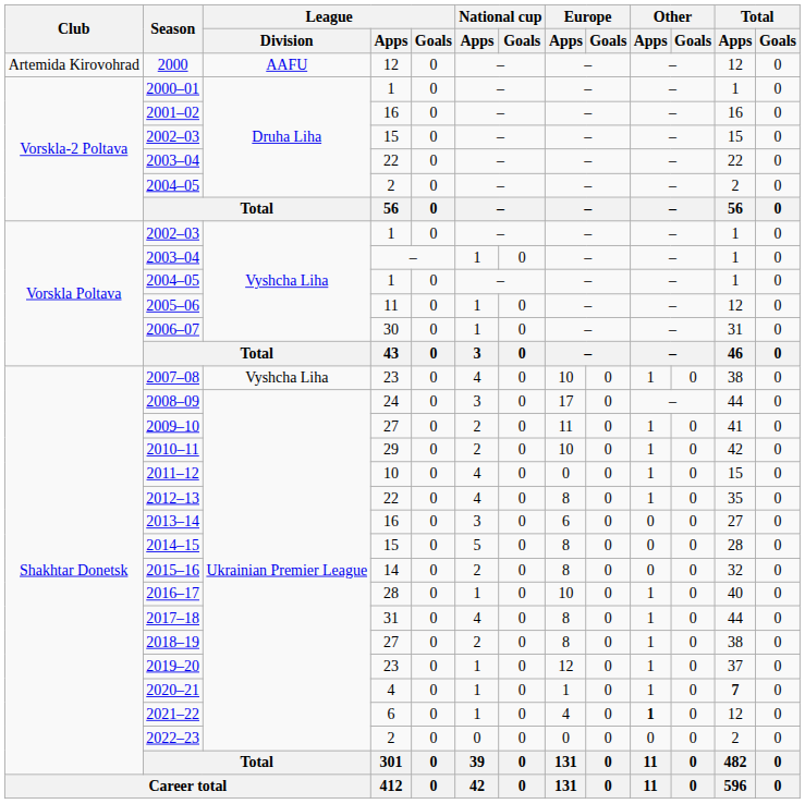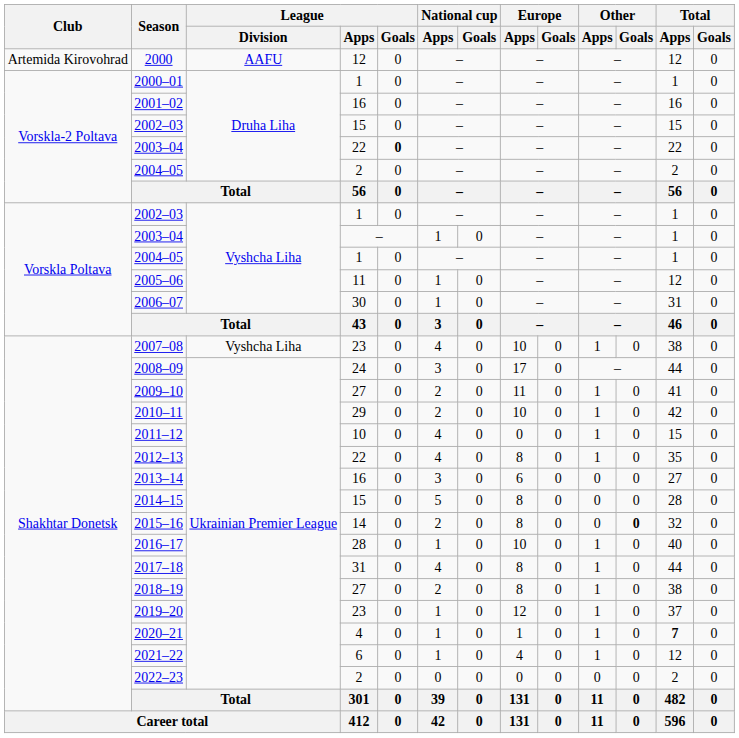 <table class=wikitable style=text-align:center>
 <tr>
 <th rowspan=2>Club</th>
 <th rowspan=2>Season</th>
 <th colspan=3>League</th>
 <th colspan=2>National cup</th>
 <th colspan=2>Europe</th>
 <th colspan=2>Other</th>
 <th colspan=2>Total</th>
 </tr>
 <tr>
 <th>Division</th>
 <th>Apps</th>
 <th>Goals</th>
 <th>Apps</th>
 <th>Goals</th>
 <th>Apps</th>
 <th>Goals</th>
 <th>Apps</th>
 <th>Goals</th>
 <th>Apps</th>
 <th>Goals</th>
 </tr>
 <tr>
 <td>Artemida Kirovohrad</td>
 <td><a href='#'>2000</a></td>
 <td><a href='#'>AAFU</a></td>
 <td>12</td>
 <td>0</td>
 <td colspan="2">–</td>
 <td colspan="2">–</td>
 <td colspan="2">–</td>
 <td>12</td>
 <td>0</td>
 </tr>
 <tr>
 <td rowspan="6"><a href='#'>Vorskla-2 Poltava</a></td>
 <td><a href='#'>2000–01</a></td>
 <td rowspan="5"><a href='#'>Druha Liha</a></td>
 <td>1</td>
 <td>0</td>
 <td colspan="2">–</td>
 <td colspan="2">–</td>
 <td colspan="2">–</td>
 <td>1</td>
 <td>0</td>
 </tr>
 <tr>
 <td><a href='#'>2001–02</a></td>
 <td>16</td>
 <td>0</td>
 <td colspan="2">–</td>
 <td colspan="2">–</td>
 <td colspan="2">–</td>
 <td>16</td>
 <td>0</td>
 </tr>
 <tr>
 <td><a href='#'>2002–03</a></td>
 <td>15</td>
 <td>0</td>
 <td colspan="2">–</td>
 <td colspan="2">–</td>
 <td colspan="2">–</td>
 <td>15</td>
 <td>0</td>
 </tr>
 <tr>
 <td><a href='#'>2003–04</a></td>
 <td>22</td>
-<td>0</td>
+<td><strong>0</strong></td>
 <td colspan="2">–</td>
 <td colspan="2">–</td>
 <td colspan="2">–</td>
 <td>22</td>
 <td>0</td>
 </tr>
 <tr>
 <td><a href='#'>2004–05</a></td>
 <td>2</td>
 <td>0</td>
 <td colspan="2">–</td>
 <td colspan="2">–</td>
 <td colspan="2">–</td>
 <td>2</td>
 <td>0</td>
 </tr>
 <tr>
 <th colspan="2">Total</th>
 <th>56</th>
 <th>0</th>
 <th colspan="2">–</th>
 <th colspan="2">–</th>
 <th colspan="2">–</th>
 <th>56</th>
 <th>0</th>
 </tr>
 <tr>
 <td rowspan="6"><a href='#'>Vorskla Poltava</a></td>
 <td><a href='#'>2002–03</a></td>
 <td rowspan="5"><a href='#'>Vyshcha Liha</a></td>
 <td>1</td>
 <td>0</td>
 <td colspan="2">–</td>
 <td colspan="2">–</td>
 <td colspan="2">–</td>
 <td>1</td>
 <td>0</td>
 </tr>
 <tr>
 <td><a href='#'>2003–04</a></td>
 <td colspan="2">–</td>
 <td>1</td>
 <td>0</td>
 <td colspan="2">–</td>
 <td colspan="2">–</td>
 <td>1</td>
 <td>0</td>
 </tr>
 <tr>
 <td><a href='#'>2004–05</a></td>
 <td>1</td>
 <td>0</td>
 <td colspan="2">–</td>
 <td colspan="2">–</td>
 <td colspan="2">–</td>
 <td>1</td>
 <td>0</td>
 </tr>
 <tr>
 <td><a href='#'>2005–06</a></td>
 <td>11</td>
 <td>0</td>
 <td>1</td>
 <td>0</td>
 <td colspan="2">–</td>
 <td colspan="2">–</td>
 <td>12</td>
 <td>0</td>
 </tr>
 <tr>
 <td><a href='#'>2006–07</a></td>
 <td>30</td>
 <td>0</td>
 <td>1</td>
 <td>0</td>
 <td colspan="2">–</td>
 <td colspan="2">–</td>
 <td>31</td>
 <td>0</td>
 </tr>
 <tr>
 <th colspan="2">Total</th>
 <th>43</th>
 <th>0</th>
 <th>3</th>
 <th>0</th>
 <th colspan="2">–</th>
 <th colspan="2">–</th>
 <th>46</th>
 <th>0</th>
 </tr>
 <tr>
 <td rowspan="17"><a href='#'>Shakhtar Donetsk</a></td>
 <td><a href='#'>2007–08</a></td>
 <td>Vyshcha Liha</td>
 <td>23</td>
 <td>0</td>
 <td>4</td>
 <td>0</td>
 <td>10</td>
 <td>0</td>
 <td>1</td>
 <td>0</td>
 <td>38</td>
 <td>0</td>
 </tr>
 <tr>
 <td><a href='#'>2008–09</a></td>
 <td rowspan="15"><a href='#'>Ukrainian Premier League</a></td>
 <td>24</td>
 <td>0</td>
 <td>3</td>
 <td>0</td>
 <td>17</td>
 <td>0</td>
 <td colspan="2">–</td>
 <td>44</td>
 <td>0</td>
 </tr>
 <tr>
 <td><a href='#'>2009–10</a></td>
 <td>27</td>
 <td>0</td>
 <td>2</td>
 <td>0</td>
 <td>11</td>
 <td>0</td>
 <td>1</td>
 <td>0</td>
 <td>41</td>
 <td>0</td>
 </tr>
 <tr>
 <td><a href='#'>2010–11</a></td>
 <td>29</td>
 <td>0</td>
 <td>2</td>
 <td>0</td>
 <td>10</td>
 <td>0</td>
 <td>1</td>
 <td>0</td>
 <td>42</td>
 <td>0</td>
 </tr>
 <tr>
 <td><a href='#'>2011–12</a></td>
 <td>10</td>
 <td>0</td>
 <td>4</td>
 <td>0</td>
 <td>0</td>
 <td>0</td>
 <td>1</td>
 <td>0</td>
 <td>15</td>
 <td>0</td>
 </tr>
 <tr>
 <td><a href='#'>2012–13</a></td>
 <td>22</td>
 <td>0</td>
 <td>4</td>
 <td>0</td>
 <td>8</td>
 <td>0</td>
 <td>1</td>
 <td>0</td>
 <td>35</td>
 <td>0</td>
 </tr>
 <tr>
 <td><a href='#'>2013–14</a></td>
 <td>16</td>
 <td>0</td>
 <td>3</td>
 <td>0</td>
 <td>6</td>
 <td>0</td>
 <td>0</td>
 <td>0</td>
 <td>27</td>
 <td>0</td>
 </tr>
 <tr>
 <td><a href='#'>2014–15</a></td>
 <td>15</td>
 <td>0</td>
 <td>5</td>
 <td>0</td>
 <td>8</td>
 <td>0</td>
 <td>0</td>
 <td>0</td>
 <td>28</td>
 <td>0</td>
 </tr>
 <tr>
 <td><a href='#'>2015–16</a></td>
 <td>14</td>
 <td>0</td>
 <td>2</td>
 <td>0</td>
 <td>8</td>
 <td>0</td>
 <td>0</td>
-<td>0</td>
+<td><strong>0</strong></td>
 <td>32</td>
 <td>0</td>
 </tr>
 <tr>
 <td><a href='#'>2016–17</a></td>
 <td>28</td>
 <td>0</td>
 <td>1</td>
 <td>0</td>
 <td>10</td>
 <td>0</td>
 <td>1</td>
 <td>0</td>
 <td>40</td>
 <td>0</td>
 </tr>
 <tr>
 <td><a href='#'>2017–18</a></td>
 <td>31</td>
 <td>0</td>
 <td>4</td>
 <td>0</td>
 <td>8</td>
 <td>0</td>
 <td>1</td>
 <td>0</td>
 <td>44</td>
 <td>0</td>
 </tr>
 <tr>
 <td><a href='#'>2018–19</a></td>
 <td>27</td>
 <td>0</td>
 <td>2</td>
 <td>0</td>
 <td>8</td>
 <td>0</td>
 <td>1</td>
 <td>0</td>
 <td>38</td>
 <td>0</td>
 </tr>
 <tr>
 <td><a href='#'>2019–20</a></td>
 <td>23</td>
 <td>0</td>
 <td>1</td>
 <td>0</td>
 <td>12</td>
 <td>0</td>
 <td>1</td>
 <td>0</td>
 <td>37</td>
 <td>0</td>
 </tr>
 <tr>
 <td><a href='#'>2020–21</a></td>
 <td>4</td>
 <td>0</td>
 <td>1</td>
 <td>0</td>
 <td>1</td>
 <td>0</td>
 <td>1</td>
 <td>0</td>
 <td><strong>7</strong></td>
 <td>0</td>
 </tr>
 <tr>
 <td><a href='#'>2021–22</a></td>
 <td>6</td>
 <td>0</td>
 <td>1</td>
 <td>0</td>
 <td>4</td>
 <td>0</td>
-<td><strong>1</strong></td>
+<td>1</td>
 <td>0</td>
 <td>12</td>
 <td>0</td>
 </tr>
 <tr>
 <td><a href='#'>2022–23</a></td>
 <td>2</td>
 <td>0</td>
 <td>0</td>
 <td>0</td>
 <td>0</td>
 <td>0</td>
 <td>0</td>
 <td>0</td>
 <td>2</td>
 <td>0</td>
 </tr>
 <tr>
 <th colspan="2">Total</th>
 <th>301</th>
 <th>0</th>
 <th>39</th>
 <th>0</th>
 <th>131</th>
 <th>0</th>
 <th>11</th>
 <th>0</th>
 <th>482</th>
 <th>0</th>
 </tr>
 <tr>
 <th colspan="3">Career total</th>
 <th>412</th>
 <th>0</th>
 <th>42</th>
 <th>0</th>
 <th>131</th>
 <th>0</th>
 <th>11</th>
 <th>0</th>
 <th>596</th>
 <th>0</th>
 </tr>
 </table>
